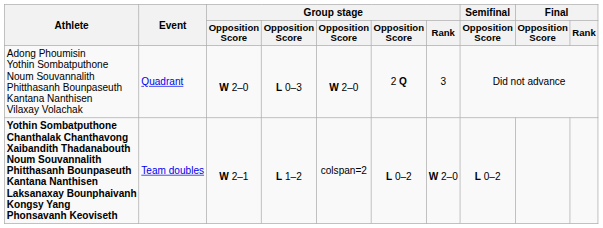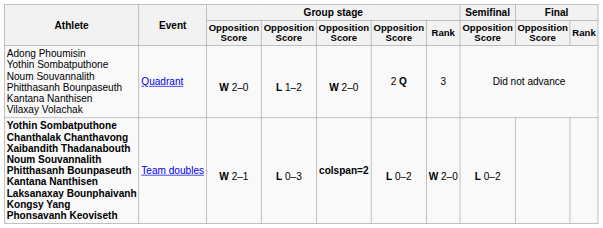 <table class=wikitable style=font-size:90%;text-align:center>
 <tr>
 <th rowspan="2">Athlete</th>
 <th rowspan="2">Event</th>
 <th colspan=5>Group stage</th>
 <th>Semifinal</th>
 <th colspan=2>Final</th>
 </tr>
 <tr style="font-size:95%">
 <th>Opposition<br>Score</th>
 <th>Opposition<br>Score</th>
 <th>Opposition<br>Score</th>
 <th>Opposition<br>Score</th>
 <th>Rank</th>
 <th>Opposition<br>Score</th>
 <th>Opposition<br>Score</th>
 <th>Rank</th>
 </tr>
 <tr>
 <td align=left>Adong Phoumisin<br>Yothin Sombatputhone<br>Noum Souvannalith<br>Phitthasanh Bounpaseuth<br>Kantana Nanthisen<br>Vilaxay Volachak</td>
 <td align=left><a href='#'>Quadrant</a></td>
 <td><br><strong>W</strong> 2–0</td>
-<td><br><strong>L</strong> 0–3</td>
+<td><br><strong>L</strong> 1–2</td>
 <td><br><strong>W</strong> 2–0</td>
 <td>2 <strong>Q</strong></td>
 <td>3</td>
 <td colspan=3>Did not advance</td>
 </tr>
 <tr>
 <td align=left><strong>Yothin Sombatputhone<br>Chanthalak Chanthavong<br>Xaibandith Thadanabouth<br>Noum Souvannalith<br>Phitthasanh Bounpaseuth<br>Kantana Nanthisen<br>Laksanaxay Bounphaivanh<br>Kongsy Yang<br>Phonsavanh Keoviseth</strong></td>
 <td align=left><a href='#'>Team doubles</a></td>
 <td><br><strong>W</strong> 2–1</td>
-<td><br><strong>L</strong> 1–2</td>
-<td>colspan=2 </td>
+<td><br><strong>L</strong> 0–3</td>
+<td><strong>colspan=2 </strong></td>
 <td><br><strong>L</strong> 0–2</td>
 <td><br><strong>W</strong> 2–0</td>
 <td><br><strong>L</strong> 0–2</td>
 <td></td>
 </tr>
 </table>
